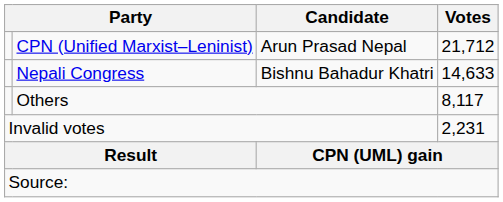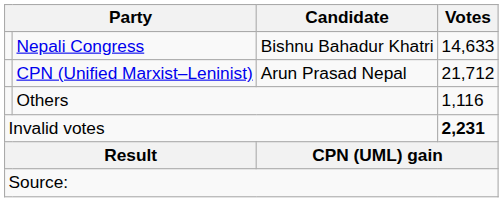 <table class="wikitable">
 <tr>
 <th colspan="2">Party</th>
 <th>Candidate</th>
 <th>Votes</th>
 </tr>
 <tr>
 <td style="background-color:"></td>
+<td><a href='#'>Nepali Congress</a></td>
+<td>Bishnu Bahadur Khatri</td>
+<td>14,633</td>
+</tr>
+<tr>
+<td style="background-color:"></td>
 <td><a href='#'>CPN (Unified Marxist–Leninist)</a></td>
 <td>Arun Prasad Nepal</td>
 <td>21,712</td>
 </tr>
 <tr>
-<td style="background-color:"></td>
-<td><a href='#'>Nepali Congress</a></td>
-<td>Bishnu Bahadur Khatri</td>
-<td>14,633</td>
-</tr>
-<tr>
 <td></td>
 <td colspan="2">Others</td>
-<td>8,117</td>
+<td>1,116</td>
 </tr>
 <tr>
 <td colspan="3">Invalid votes</td>
-<td>2,231</td>
+<td><strong>2,231</strong></td>
 </tr>
 <tr>
 <th colspan="2">Result</th>
 <th colspan="2">CPN (UML) gain</th>
 </tr>
 <tr>
 <td colspan="4">Source: </td>
 </tr>
 </table>
